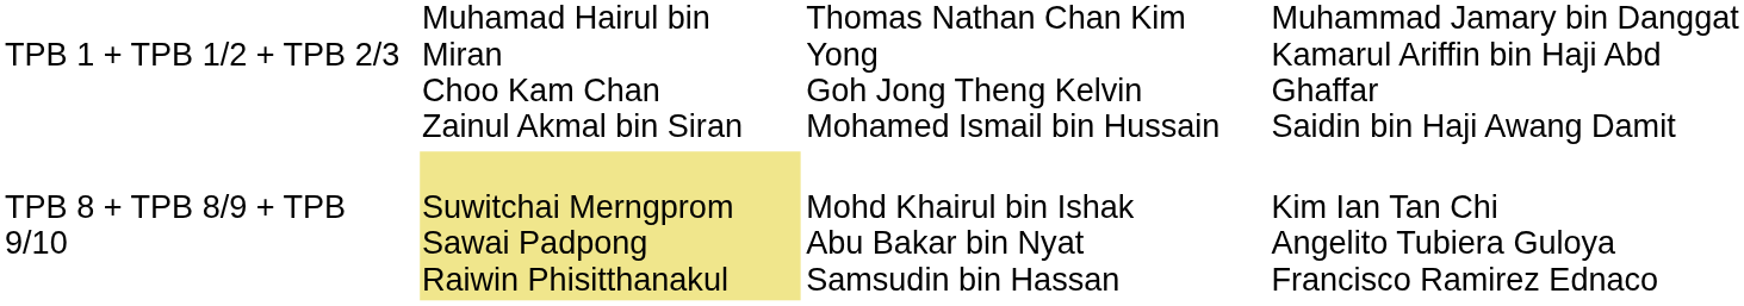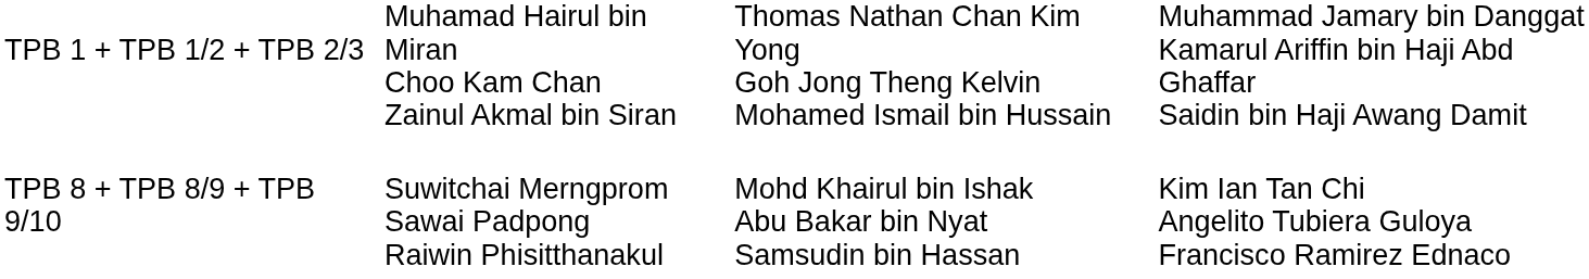 <table>
 <tr>
 <td>TPB 1 + TPB 1/2 + TPB 2/3</td>
 <td><br>Muhamad Hairul bin Miran<br>Choo Kam Chan<br>Zainul Akmal bin Siran</td>
 <td><br>Thomas Nathan Chan Kim Yong<br>Goh Jong Theng Kelvin<br>Mohamed Ismail bin Hussain</td>
 <td><br>Muhammad Jamary bin Danggat<br>Kamarul Ariffin bin Haji Abd Ghaffar<br>Saidin bin Haji Awang Damit</td>
 </tr>
 <tr>
 <td>TPB 8 + TPB 8/9 + TPB 9/10</td>
-<td style="background: khaki;"><br>Suwitchai Merngprom<br>Sawai Padpong<br>Raiwin Phisitthanakul</td>
+<td><br>Suwitchai Merngprom<br>Sawai Padpong<br>Raiwin Phisitthanakul</td>
 <td><br>Mohd Khairul bin Ishak<br>Abu Bakar bin Nyat<br>Samsudin bin Hassan</td>
 <td><br>Kim Ian Tan Chi<br>Angelito Tubiera Guloya<br>Francisco Ramirez Ednaco</td>
 </tr>
 </table>
